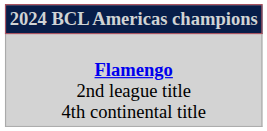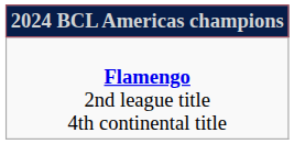 <table class=wikitable style="text-align:center; margin:auto">
 <tr>
 <th style="background: #071D49; color: #D0D3D4; border: 1px solid #A85361;">2024 BCL Americas champions</th>
 </tr>
 <tr>
-<td style="background: lightgrey;"><br> <strong><a href='#'>Flamengo</a></strong><br> 2nd league title<br>4th continental title</td>
+<td><br> <strong><a href='#'>Flamengo</a></strong><br> 2nd league title<br>4th continental title</td>
 </tr>
 </table>
